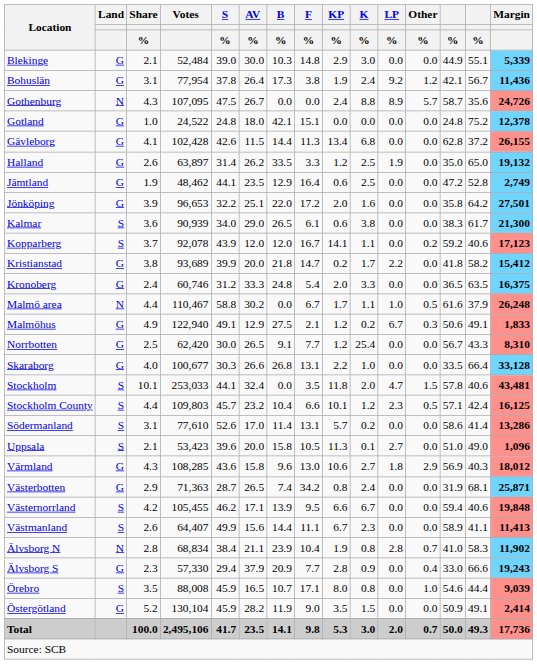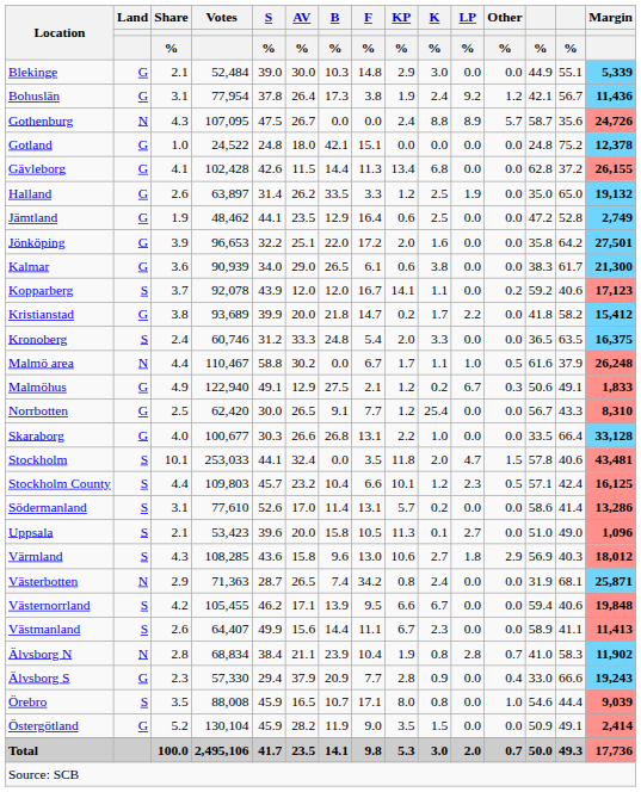 <table class="wikitable sortable" style="text-align:right; font-size:95%; line-height:20px;">
 <tr>
 <th rowspan="3">Location</th>
 <th>Land</th>
 <th>Share</th>
 <th>Votes</th>
 <th width="30px" class="unsortable"><a href='#'>S</a></th>
 <th width="30px" class="unsortable"><a href='#'>AV</a></th>
 <th width="30px" class="unsortable"><a href='#'>B</a></th>
 <th width="30px" class="unsortable"><a href='#'>F</a></th>
 <th width="30px" class="unsortable"><a href='#'>KP</a></th>
 <th width="30px" class="unsortable"><a href='#'>K</a></th>
 <th width="30px" class="unsortable"><a href='#'>LP</a></th>
 <th width="30px" class="unsortable">Other</th>
 <th></th>
 <th></th>
 <th>Margin</th>
 </tr>
 <tr>
 <th></th>
 <th></th>
 <th></th>
 <th style="background:"></th>
 <th style="background:"></th>
 <th style="background:"></th>
 <th style="background:"></th>
 <th style="background:"></th>
 <th style="background:"></th>
 <th style="background:"></th>
 <th style="background:"></th>
 <th style="background:"></th>
 <th style="background:"></th>
 <th></th>
 </tr>
 <tr>
 <th></th>
 <th data-sort-type="number">%</th>
 <th></th>
 <th data-sort-type="number">%</th>
 <th data-sort-type="number">%</th>
 <th data-sort-type="number">%</th>
 <th data-sort-type="number">%</th>
 <th data-sort-type="number">%</th>
 <th data-sort-type="number">%</th>
 <th data-sort-type="number">%</th>
 <th data-sort-type="number">%</th>
 <th data-sort-type="number">%</th>
 <th data-sort-type="number">%</th>
 <th></th>
 </tr>
 <tr>
 <td align=left><a href='#'>Blekinge</a></td>
 <td><a href='#'>G</a></td>
 <td>2.1</td>
 <td>52,484</td>
 <td>39.0</td>
 <td>30.0</td>
 <td>10.3</td>
 <td>14.8</td>
 <td>2.9</td>
 <td>3.0</td>
 <td>0.0</td>
 <td>0.0</td>
 <td>44.9</td>
 <td>55.1</td>
 <td bgcolor=#6fd5fe><strong>5,339</strong></td>
 </tr>
 <tr>
 <td align=left><a href='#'>Bohuslän</a></td>
 <td><a href='#'>G</a></td>
 <td>3.1</td>
 <td>77,954</td>
 <td>37.8</td>
 <td>26.4</td>
 <td>17.3</td>
 <td>3.8</td>
 <td>1.9</td>
 <td>2.4</td>
 <td>9.2</td>
 <td>1.2</td>
 <td>42.1</td>
 <td>56.7</td>
 <td bgcolor=#6fd5fe><strong>11,436</strong></td>
 </tr>
 <tr>
 <td align=left><a href='#'>Gothenburg</a></td>
 <td><a href='#'>N</a></td>
 <td>4.3</td>
 <td>107,095</td>
 <td>47.5</td>
 <td>26.7</td>
 <td>0.0</td>
 <td>0.0</td>
 <td>2.4</td>
 <td>8.8</td>
 <td>8.9</td>
 <td>5.7</td>
 <td>58.7</td>
 <td>35.6</td>
 <td bgcolor=#ff908c><strong>24,726</strong></td>
 </tr>
 <tr>
 <td align=left><a href='#'>Gotland</a></td>
 <td><a href='#'>G</a></td>
 <td>1.0</td>
 <td>24,522</td>
 <td>24.8</td>
 <td>18.0</td>
 <td>42.1</td>
 <td>15.1</td>
 <td>0.0</td>
 <td>0.0</td>
 <td>0.0</td>
 <td>0.0</td>
 <td>24.8</td>
 <td>75.2</td>
 <td bgcolor=#6fd5fe><strong>12,378</strong></td>
 </tr>
 <tr>
 <td align=left><a href='#'>Gävleborg</a></td>
 <td><a href='#'>G</a></td>
 <td>4.1</td>
 <td>102,428</td>
 <td>42.6</td>
 <td>11.5</td>
 <td>14.4</td>
 <td>11.3</td>
 <td>13.4</td>
 <td>6.8</td>
 <td>0.0</td>
 <td>0.0</td>
 <td>62.8</td>
 <td>37.2</td>
 <td bgcolor=#ff908c><strong>26,155</strong></td>
 </tr>
 <tr>
 <td align=left><a href='#'>Halland</a></td>
 <td><a href='#'>G</a></td>
 <td>2.6</td>
 <td>63,897</td>
 <td>31.4</td>
 <td>26.2</td>
 <td>33.5</td>
 <td>3.3</td>
 <td>1.2</td>
 <td>2.5</td>
 <td>1.9</td>
 <td>0.0</td>
 <td>35.0</td>
 <td>65.0</td>
 <td bgcolor=#6fd5fe><strong>19,132</strong></td>
 </tr>
 <tr>
 <td align=left><a href='#'>Jämtland</a></td>
 <td><a href='#'>G</a></td>
 <td>1.9</td>
 <td>48,462</td>
 <td>44.1</td>
 <td>23.5</td>
 <td>12.9</td>
 <td>16.4</td>
 <td>0.6</td>
 <td>2.5</td>
 <td>0.0</td>
 <td>0.0</td>
 <td>47.2</td>
 <td>52.8</td>
 <td bgcolor=#6fd5fe><strong>2,749</strong></td>
 </tr>
 <tr>
 <td align=left><a href='#'>Jönköping</a></td>
 <td><a href='#'>G</a></td>
 <td>3.9</td>
 <td>96,653</td>
 <td>32.2</td>
 <td>25.1</td>
 <td>22.0</td>
 <td>17.2</td>
 <td>2.0</td>
 <td>1.6</td>
 <td>0.0</td>
 <td>0.0</td>
 <td>35.8</td>
 <td>64.2</td>
 <td bgcolor=#6fd5fe><strong>27,501</strong></td>
 </tr>
 <tr>
 <td align=left><a href='#'>Kalmar</a></td>
-<td><a href='#'>S</a></td>
+<td><a href='#'>G</a></td>
 <td>3.6</td>
 <td>90,939</td>
 <td>34.0</td>
 <td>29.0</td>
 <td>26.5</td>
 <td>6.1</td>
 <td>0.6</td>
 <td>3.8</td>
 <td>0.0</td>
 <td>0.0</td>
 <td>38.3</td>
 <td>61.7</td>
 <td bgcolor=#6fd5fe><strong>21,300</strong></td>
 </tr>
 <tr>
 <td align=left><a href='#'>Kopparberg</a></td>
 <td><a href='#'>S</a></td>
 <td>3.7</td>
 <td>92,078</td>
 <td>43.9</td>
 <td>12.0</td>
 <td>12.0</td>
 <td>16.7</td>
 <td>14.1</td>
 <td>1.1</td>
 <td>0.0</td>
 <td>0.2</td>
 <td>59.2</td>
 <td>40.6</td>
 <td bgcolor=#ff908c><strong>17,123</strong></td>
 </tr>
 <tr>
 <td align=left><a href='#'>Kristianstad</a></td>
 <td><a href='#'>G</a></td>
 <td>3.8</td>
 <td>93,689</td>
 <td>39.9</td>
 <td>20.0</td>
 <td>21.8</td>
 <td>14.7</td>
 <td>0.2</td>
 <td>1.7</td>
 <td>2.2</td>
 <td>0.0</td>
 <td>41.8</td>
 <td>58.2</td>
 <td bgcolor=#6fd5fe><strong>15,412</strong></td>
 </tr>
 <tr>
 <td align=left><a href='#'>Kronoberg</a></td>
-<td><a href='#'>G</a></td>
+<td><a href='#'>S</a></td>
 <td>2.4</td>
 <td>60,746</td>
 <td>31.2</td>
 <td>33.3</td>
 <td>24.8</td>
 <td>5.4</td>
 <td>2.0</td>
 <td>3.3</td>
 <td>0.0</td>
 <td>0.0</td>
 <td>36.5</td>
 <td>63.5</td>
 <td bgcolor=#6fd5fe><strong>16,375</strong></td>
 </tr>
 <tr>
 <td align=left><a href='#'>Malmö area</a></td>
 <td><a href='#'>N</a></td>
 <td>4.4</td>
 <td>110,467</td>
 <td>58.8</td>
 <td>30.2</td>
 <td>0.0</td>
 <td>6.7</td>
 <td>1.7</td>
 <td>1.1</td>
 <td>1.0</td>
 <td>0.5</td>
 <td>61.6</td>
 <td>37.9</td>
 <td bgcolor=#ff908c><strong>26,248</strong></td>
 </tr>
 <tr>
 <td align=left><a href='#'>Malmöhus</a></td>
 <td><a href='#'>G</a></td>
 <td>4.9</td>
 <td>122,940</td>
 <td>49.1</td>
 <td>12.9</td>
 <td>27.5</td>
 <td>2.1</td>
 <td>1.2</td>
 <td>0.2</td>
 <td>6.7</td>
 <td>0.3</td>
 <td>50.6</td>
 <td>49.1</td>
 <td bgcolor=#ff908c><strong>1,833</strong></td>
 </tr>
 <tr>
 <td align=left><a href='#'>Norrbotten</a></td>
 <td><a href='#'>G</a></td>
 <td>2.5</td>
 <td>62,420</td>
 <td>30.0</td>
 <td>26.5</td>
 <td>9.1</td>
 <td>7.7</td>
 <td>1.2</td>
 <td>25.4</td>
 <td>0.0</td>
 <td>0.0</td>
 <td>56.7</td>
 <td>43.3</td>
 <td bgcolor=#ff908c><strong>8,310</strong></td>
 </tr>
 <tr>
 <td align=left><a href='#'>Skaraborg</a></td>
 <td><a href='#'>G</a></td>
 <td>4.0</td>
 <td>100,677</td>
 <td>30.3</td>
 <td>26.6</td>
 <td>26.8</td>
 <td>13.1</td>
 <td>2.2</td>
 <td>1.0</td>
 <td>0.0</td>
 <td>0.0</td>
 <td>33.5</td>
 <td>66.4</td>
 <td bgcolor=#6fd5fe><strong>33,128</strong></td>
 </tr>
 <tr>
 <td align=left><a href='#'>Stockholm</a></td>
 <td><a href='#'>S</a></td>
 <td>10.1</td>
 <td>253,033</td>
 <td>44.1</td>
 <td>32.4</td>
 <td>0.0</td>
 <td>3.5</td>
 <td>11.8</td>
 <td>2.0</td>
 <td>4.7</td>
 <td>1.5</td>
 <td>57.8</td>
 <td>40.6</td>
 <td bgcolor=#ff908c><strong>43,481</strong></td>
 </tr>
 <tr>
 <td align=left><a href='#'>Stockholm County</a></td>
 <td><a href='#'>S</a></td>
 <td>4.4</td>
 <td>109,803</td>
 <td>45.7</td>
 <td>23.2</td>
 <td>10.4</td>
 <td>6.6</td>
 <td>10.1</td>
 <td>1.2</td>
 <td>2.3</td>
 <td>0.5</td>
 <td>57.1</td>
 <td>42.4</td>
 <td bgcolor=#ff908c><strong>16,125</strong></td>
 </tr>
 <tr>
 <td align=left><a href='#'>Södermanland</a></td>
 <td><a href='#'>S</a></td>
 <td>3.1</td>
 <td>77,610</td>
 <td>52.6</td>
 <td>17.0</td>
 <td>11.4</td>
 <td>13.1</td>
 <td>5.7</td>
 <td>0.2</td>
 <td>0.0</td>
 <td>0.0</td>
 <td>58.6</td>
 <td>41.4</td>
 <td bgcolor=#ff908c><strong>13,286</strong></td>
 </tr>
 <tr>
 <td align=left><a href='#'>Uppsala</a></td>
 <td><a href='#'>S</a></td>
 <td>2.1</td>
 <td>53,423</td>
 <td>39.6</td>
 <td>20.0</td>
 <td>15.8</td>
 <td>10.5</td>
 <td>11.3</td>
 <td>0.1</td>
 <td>2.7</td>
 <td>0.0</td>
 <td>51.0</td>
 <td>49.0</td>
 <td bgcolor=#ff908c><strong>1,096</strong></td>
 </tr>
 <tr>
 <td align=left><a href='#'>Värmland</a></td>
-<td><a href='#'>G</a></td>
+<td><a href='#'>S</a></td>
 <td>4.3</td>
 <td>108,285</td>
 <td>43.6</td>
 <td>15.8</td>
 <td>9.6</td>
 <td>13.0</td>
 <td>10.6</td>
 <td>2.7</td>
 <td>1.8</td>
 <td>2.9</td>
 <td>56.9</td>
 <td>40.3</td>
 <td bgcolor=#ff908c><strong>18,012</strong></td>
 </tr>
 <tr>
 <td align=left><a href='#'>Västerbotten</a></td>
-<td><a href='#'>G</a></td>
+<td><a href='#'>N</a></td>
 <td>2.9</td>
 <td>71,363</td>
 <td>28.7</td>
 <td>26.5</td>
 <td>7.4</td>
 <td>34.2</td>
 <td>0.8</td>
 <td>2.4</td>
 <td>0.0</td>
 <td>0.0</td>
 <td>31.9</td>
 <td>68.1</td>
 <td bgcolor=#6fd5fe><strong>25,871</strong></td>
 </tr>
 <tr>
 <td align=left><a href='#'>Västernorrland</a></td>
 <td><a href='#'>S</a></td>
 <td>4.2</td>
 <td>105,455</td>
 <td>46.2</td>
 <td>17.1</td>
 <td>13.9</td>
 <td>9.5</td>
 <td>6.6</td>
 <td>6.7</td>
 <td>0.0</td>
 <td>0.0</td>
 <td>59.4</td>
 <td>40.6</td>
 <td bgcolor=#ff908c><strong>19,848</strong></td>
 </tr>
 <tr>
 <td align=left><a href='#'>Västmanland</a></td>
 <td><a href='#'>S</a></td>
 <td>2.6</td>
 <td>64,407</td>
 <td>49.9</td>
 <td>15.6</td>
 <td>14.4</td>
 <td>11.1</td>
 <td>6.7</td>
 <td>2.3</td>
 <td>0.0</td>
 <td>0.0</td>
 <td>58.9</td>
 <td>41.1</td>
 <td bgcolor=#ff908c><strong>11,413</strong></td>
 </tr>
 <tr>
 <td align=left><a href='#'>Älvsborg N</a></td>
 <td><a href='#'>N</a></td>
 <td>2.8</td>
 <td>68,834</td>
 <td>38.4</td>
 <td>21.1</td>
 <td>23.9</td>
 <td>10.4</td>
 <td>1.9</td>
 <td>0.8</td>
 <td>2.8</td>
 <td>0.7</td>
 <td>41.0</td>
 <td>58.3</td>
 <td bgcolor=#6fd5fe><strong>11,902</strong></td>
 </tr>
 <tr>
 <td align=left><a href='#'>Älvsborg S</a></td>
 <td><a href='#'>G</a></td>
 <td>2.3</td>
 <td>57,330</td>
 <td>29.4</td>
 <td>37.9</td>
 <td>20.9</td>
 <td>7.7</td>
 <td>2.8</td>
 <td>0.9</td>
 <td>0.0</td>
 <td>0.4</td>
 <td>33.0</td>
 <td>66.6</td>
 <td bgcolor=#6fd5fe><strong>19,243</strong></td>
 </tr>
 <tr>
 <td align=left><a href='#'>Örebro</a></td>
 <td><a href='#'>S</a></td>
 <td>3.5</td>
 <td>88,008</td>
 <td>45.9</td>
 <td>16.5</td>
 <td>10.7</td>
 <td>17.1</td>
 <td>8.0</td>
 <td>0.8</td>
 <td>0.0</td>
 <td>1.0</td>
 <td>54.6</td>
 <td>44.4</td>
 <td bgcolor=#ff908c><strong>9,039</strong></td>
 </tr>
 <tr>
 <td align=left><a href='#'>Östergötland</a></td>
 <td><a href='#'>G</a></td>
 <td>5.2</td>
 <td>130,104</td>
 <td>45.9</td>
 <td>28.2</td>
 <td>11.9</td>
 <td>9.0</td>
 <td>3.5</td>
 <td>1.5</td>
 <td>0.0</td>
 <td>0.0</td>
 <td>50.9</td>
 <td>49.1</td>
 <td bgcolor=#ff908c><strong>2,414</strong></td>
 </tr>
 <tr>
 </tr>
 <tr style="background:#CDCDCD;">
 <td align=left><strong>Total</strong></td>
 <td></td>
 <td><strong>100.0</strong></td>
 <td><strong>2,495,106</strong></td>
 <td><strong>41.7</strong></td>
 <td><strong>23.5</strong></td>
 <td><strong>14.1</strong></td>
 <td><strong>9.8</strong></td>
 <td><strong>5.3</strong></td>
 <td><strong>3.0</strong></td>
 <td><strong>2.0</strong></td>
 <td><strong>0.7</strong></td>
 <td><strong>50.0</strong></td>
 <td><strong>49.3</strong></td>
 <td bgcolor=#ff908c><strong>17,736</strong></td>
 </tr>
 <tr>
 <td align=left colspan=15>Source: SCB </td>
 </tr>
 </table>
